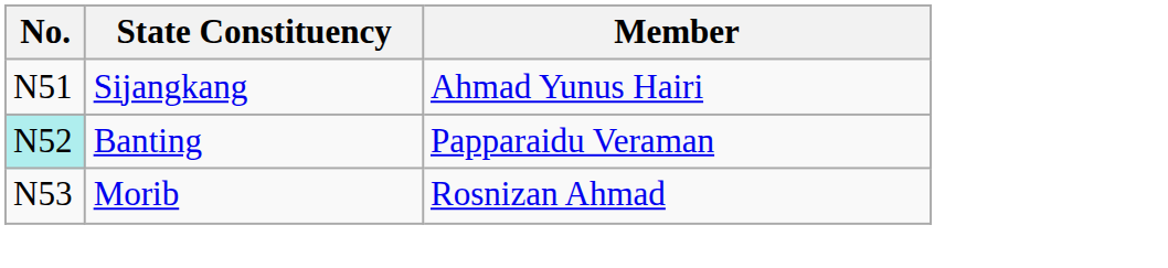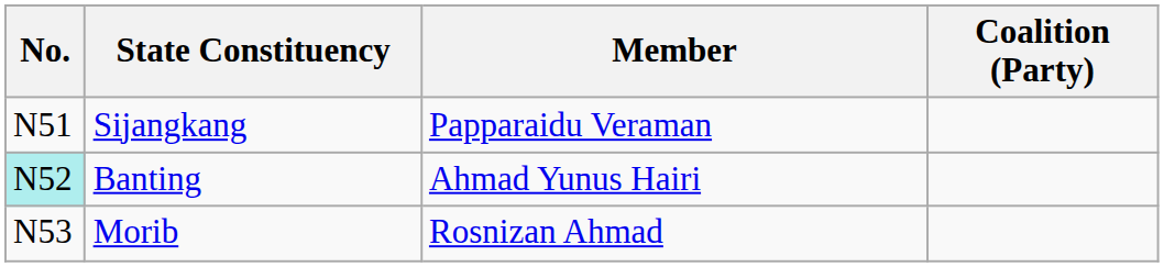 <table class="wikitable">
 <tr>
 <th width="30">No.</th>
 <th width="150">State Constituency</th>
 <th width="230">Member</th>
+<th width="100">Coalition (Party)</th>
 </tr>
 <tr>
 <td>N51</td>
 <td><a href='#'>Sijangkang</a></td>
-<td><a href='#'>Ahmad Yunus Hairi</a></td>
+<td><a href='#'>Papparaidu Veraman</a></td>
+<td></td>
 </tr>
 <tr>
 <td style="background: paleturquoise;">N52</td>
 <td><a href='#'>Banting</a></td>
-<td><a href='#'>Papparaidu Veraman</a></td>
+<td><a href='#'>Ahmad Yunus Hairi</a></td>
+<td></td>
 </tr>
 <tr>
 <td>N53</td>
 <td><a href='#'>Morib</a></td>
 <td><a href='#'>Rosnizan Ahmad</a></td>
+<td></td>
 </tr>
 </table>
